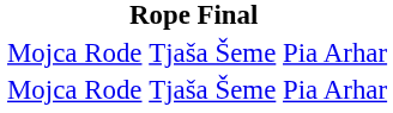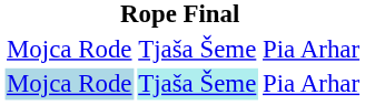 <table>
 <tr>
 <td colspan="4" align="center"><strong>Rope Final</strong></td>
 </tr>
 <tr>
 <th scope=row style="text-align:left"><br></th>
 <td><a href='#'>Mojca Rode</a></td>
 <td><a href='#'>Tjaša Šeme</a></td>
 <td><a href='#'>Pia Arhar</a></td>
 </tr>
 <tr>
 <th scope=row style="text-align:left"><br></th>
-<td><a href='#'>Mojca Rode</a></td>
-<td><a href='#'>Tjaša Šeme</a></td>
+<td style="background: lightblue;"><a href='#'>Mojca Rode</a></td>
+<td style="background: paleturquoise;"><a href='#'>Tjaša Šeme</a></td>
 <td><a href='#'>Pia Arhar</a></td>
 </tr>
 </table>
